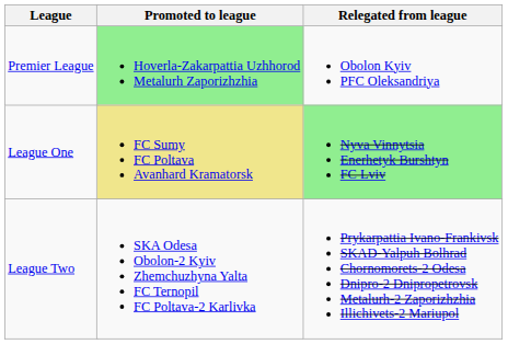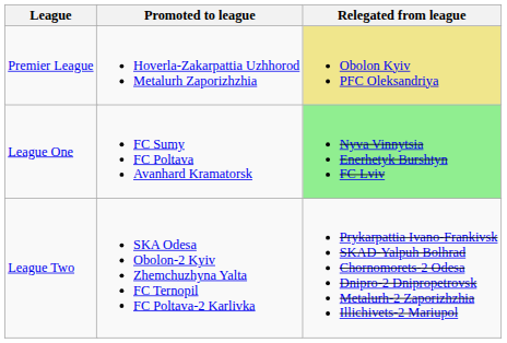 <table class="wikitable">
 <tr>
 <th colspan=2>League</th>
 <th>Promoted to league</th>
 <th>Relegated from league</th>
 </tr>
 <tr>
 <td colspan=2><a href='#'>Premier League</a></td>
-<td style="background: lightgreen;"><br><ul><li><a href='#'>Hoverla-Zakarpattia Uzhhorod</a></li><li><a href='#'>Metalurh Zaporizhzhia</a></li></ul></td>
-<td><br><ul><li><a href='#'>Obolon Kyiv</a></li><li><a href='#'>PFC Oleksandriya</a></li></ul></td>
+<td><br><ul><li><a href='#'>Hoverla-Zakarpattia Uzhhorod</a></li><li><a href='#'>Metalurh Zaporizhzhia</a></li></ul></td>
+<td style="background: khaki;"><br><ul><li><a href='#'>Obolon Kyiv</a></li><li><a href='#'>PFC Oleksandriya</a></li></ul></td>
 </tr>
 <tr>
 <td colspan=2><a href='#'>League One</a></td>
-<td style="background: khaki;"><br><ul><li><a href='#'>FC Sumy</a></li><li><a href='#'>FC Poltava</a></li><li><a href='#'>Avanhard Kramatorsk</a></li></ul></td>
+<td><br><ul><li><a href='#'>FC Sumy</a></li><li><a href='#'>FC Poltava</a></li><li><a href='#'>Avanhard Kramatorsk</a></li></ul></td>
 <td style="background: lightgreen;"><br><ul><li><del><a href='#'>Nyva Vinnytsia</a></del></li><li><del><a href='#'>Enerhetyk Burshtyn</a></del></li><li><del><a href='#'>FC Lviv</a></del></li></ul></td>
 </tr>
 <tr>
 <td colspan=2><a href='#'>League Two</a></td>
 <td><br><ul><li><a href='#'>SKA Odesa</a></li><li><a href='#'>Obolon-2 Kyiv</a></li><li><a href='#'>Zhemchuzhyna Yalta</a></li><li><a href='#'>FC Ternopil</a></li><li><a href='#'>FC Poltava-2 Karlivka</a></li></ul></td>
 <td><br><ul><li><del><a href='#'>Prykarpattia Ivano-Frankivsk</a></del></li><li><del><a href='#'>SKAD-Yalpuh Bolhrad</a></del></li><li><del><a href='#'>Chornomorets-2 Odesa</a></del></li><li><del><a href='#'>Dnipro-2 Dnipropetrovsk</a></del></li><li><del><a href='#'>Metalurh-2 Zaporizhzhia</a></del></li><li><del><a href='#'>Illichivets-2 Mariupol</a></del></li></ul></td>
 </tr>
 </table>
